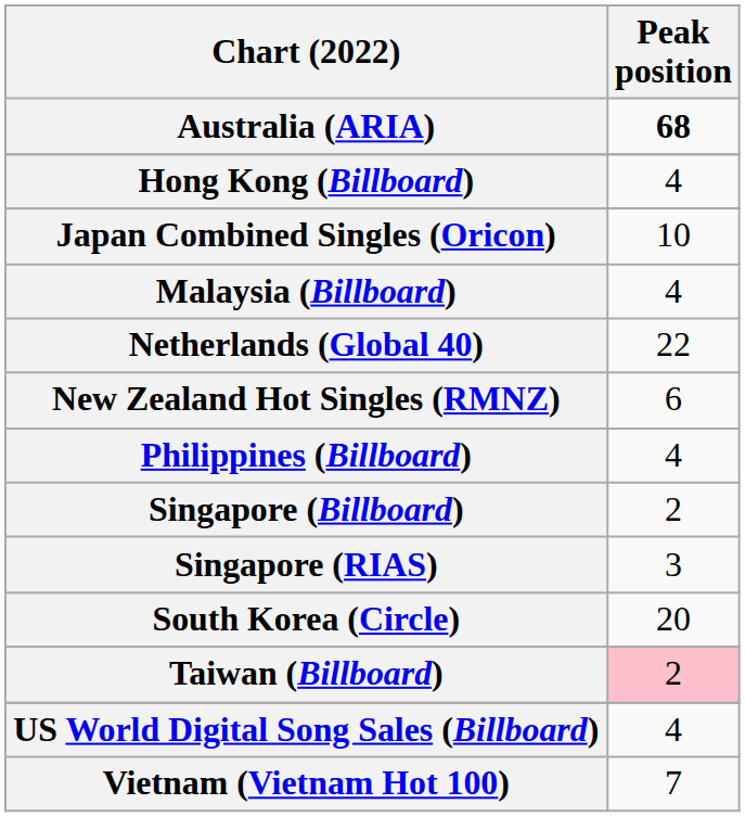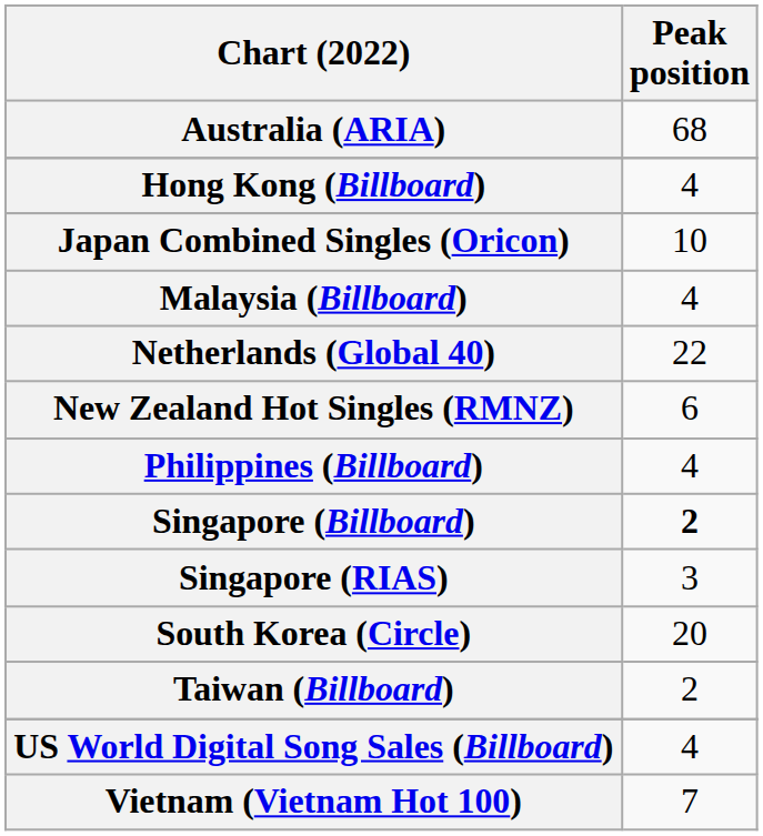 <table class="wikitable sortable plainrowheaders" style="text-align:center">
 <tr>
 <th scope="col">Chart (2022)</th>
 <th scope="col">Peak<br>position</th>
 </tr>
 <tr>
 <th scope="row">Australia (<a href='#'>ARIA</a>)</th>
-<td><strong>68</strong></td>
+<td>68</td>
 </tr>
 <tr>
 </tr>
 <tr>
 <th scope="row">Hong Kong (<em><a href='#'>Billboard</a></em>)</th>
 <td>4</td>
 </tr>
 <tr>
 </tr>
 <tr>
 </tr>
 <tr>
 <th scope="row">Japan Combined Singles (<a href='#'>Oricon</a>)</th>
 <td>10</td>
 </tr>
 <tr>
 <th scope="row">Malaysia (<em><a href='#'>Billboard</a></em>)</th>
 <td>4</td>
 </tr>
 <tr>
 <th scope="row">Netherlands (<a href='#'>Global 40</a>)</th>
 <td>22</td>
 </tr>
 <tr>
 <th scope="row">New Zealand Hot Singles (<a href='#'>RMNZ</a>)</th>
 <td>6</td>
 </tr>
 <tr>
 <th scope="row"><a href='#'>Philippines</a> (<em><a href='#'>Billboard</a></em>)</th>
 <td>4</td>
 </tr>
 <tr>
 <th scope="row">Singapore (<em><a href='#'>Billboard</a></em>)</th>
-<td>2</td>
+<td><strong>2</strong></td>
 </tr>
 <tr>
 <th scope="row">Singapore (<a href='#'>RIAS</a>)</th>
 <td>3</td>
 </tr>
 <tr>
 <th scope="row">South Korea (<a href='#'>Circle</a>)</th>
 <td>20</td>
 </tr>
 <tr>
 <th scope="row">Taiwan (<em><a href='#'>Billboard</a></em>)</th>
-<td style="background: pink;">2</td>
+<td>2</td>
 </tr>
 <tr>
 </tr>
 <tr>
 </tr>
 <tr>
 <th scope="row">US <a href='#'>World Digital Song Sales</a> (<em><a href='#'>Billboard</a></em>)</th>
 <td>4</td>
 </tr>
 <tr>
 <th scope="row">Vietnam (<a href='#'>Vietnam Hot 100</a>)</th>
 <td>7</td>
 </tr>
 </table>
